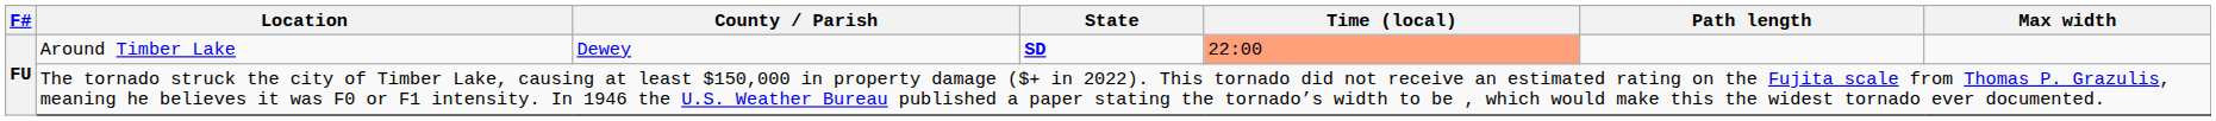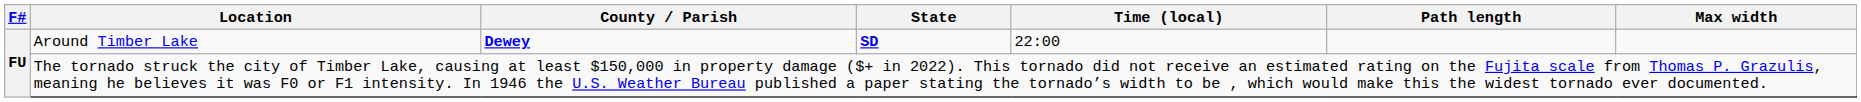 <table class="wikitable sortable" style="width:100%;">
 <tr>
 <th scope="col" align="center"><a href='#'>F#</a><br></th>
 <th scope="col" align="center" class="unsortable">Location</th>
 <th scope="col" align="center" class="unsortable">County / Parish</th>
 <th scope="col" align="center">State</th>
 <th scope="col" align="center">Time (local)</th>
 <th scope="col" align="center">Path length</th>
 <th scope="col" align="center">Max width</th>
 </tr>
 <tr>
 <th scope="row" rowspan="2" style="background-color:#">FU</th>
 <td>Around <a href='#'>Timber Lake</a></td>
-<td><a href='#'>Dewey</a></td>
+<td><strong><a href='#'>Dewey</a></strong></td>
 <td><strong><a href='#'>SD</a></strong></td>
-<td style="background: lightsalmon;">22:00</td>
+<td>22:00</td>
 <td></td>
 <td></td>
 </tr>
 <tr class="expand-child">
 <td colspan="6" style=" border-bottom: 1px solid black;">The tornado struck the city of Timber Lake, causing at least $150,000 in property damage ($+ in 2022). This tornado did not receive an estimated rating on the <a href='#'>Fujita scale</a> from <a href='#'>Thomas P. Grazulis</a>, meaning he believes it was F0 or F1 intensity. In 1946 the <a href='#'>U.S. Weather Bureau</a> published a paper stating the tornado’s width to be , which would make this the widest tornado ever documented.</td>
 </tr>
 </table>
